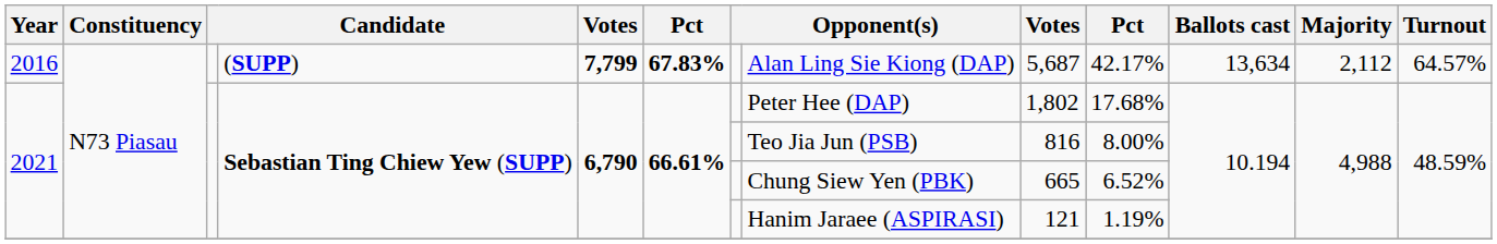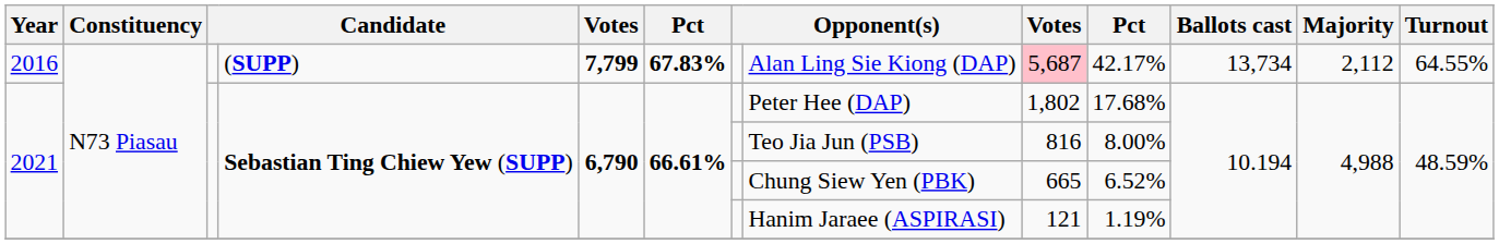 <table class="wikitable" style="margin:0.5em ; font-size:95%">
 <tr>
 <th>Year</th>
 <th>Constituency</th>
 <th colspan=2>Candidate</th>
 <th>Votes</th>
 <th>Pct</th>
 <th colspan=2>Opponent(s)</th>
 <th>Votes</th>
 <th>Pct</th>
 <th>Ballots cast</th>
 <th>Majority</th>
 <th>Turnout</th>
 </tr>
 <tr>
 <td><a href='#'>2016</a></td>
 <td rowspan="5">N73 <a href='#'>Piasau</a></td>
 <td></td>
 <td> (<a href='#'><strong>SUPP</strong></a>)</td>
 <td style="text-align:right;"><strong>7,799</strong></td>
 <td><strong>67.83%</strong></td>
 <td></td>
 <td><a href='#'>Alan Ling Sie Kiong</a> (<a href='#'>DAP</a>)</td>
-<td style="text-align:right;">5,687</td>
+<td style="background: pink; text-align:right;">5,687</td>
 <td style="text-align:right;">42.17%</td>
-<td style="text-align:right;">13,634</td>
+<td style="text-align:right;">13,734</td>
 <td style="text-align:right;">2,112</td>
-<td style="text-align:right;">64.57%</td>
+<td style="text-align:right;">64.55%</td>
 </tr>
 <tr>
 <td rowspan="4"><a href='#'>2021</a></td>
 <td rowspan="4" ></td>
 <td rowspan="4"><strong>Sebastian Ting Chiew Yew</strong> (<a href='#'><strong>SUPP</strong></a>)</td>
 <td rowspan="4" style="text-align:right;"><strong>6,790</strong></td>
 <td rowspan="4" style="text-align:right;"><strong>66.61%</strong></td>
 <td></td>
 <td>Peter Hee (<a href='#'>DAP</a>)</td>
 <td>1,802</td>
 <td>17.68%</td>
 <td rowspan="4" style="text-align:right;">10.194</td>
 <td rowspan="4" style="text-align:right;">4,988</td>
 <td rowspan="4" style="text-align:right;">48.59%</td>
 </tr>
 <tr>
 <td></td>
 <td>Teo Jia Jun (<a href='#'>PSB</a>)</td>
 <td style="text-align:right;">816</td>
 <td style="text-align:right;">8.00%</td>
 </tr>
 <tr>
 <td></td>
 <td>Chung Siew Yen (<a href='#'>PBK</a>)</td>
 <td style="text-align:right;">665</td>
 <td style="text-align:right;">6.52%</td>
 </tr>
 <tr>
 <td></td>
 <td>Hanim Jaraee (<a href='#'>ASPIRASI</a>)</td>
 <td style="text-align:right;">121</td>
 <td style="text-align:right;">1.19%</td>
 </tr>
 <tr>
 </tr>
 </table>
